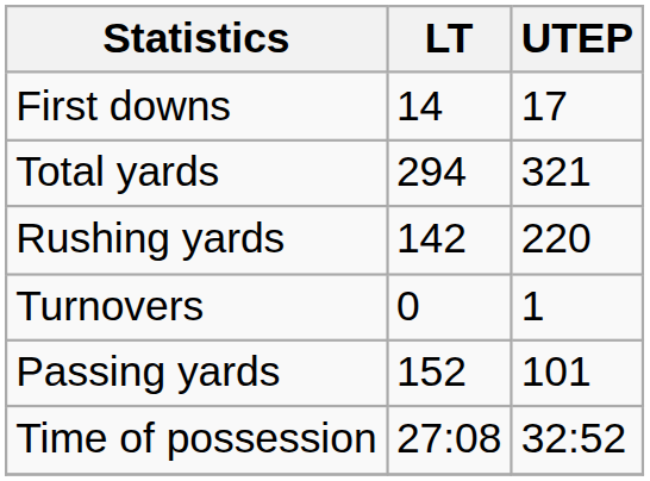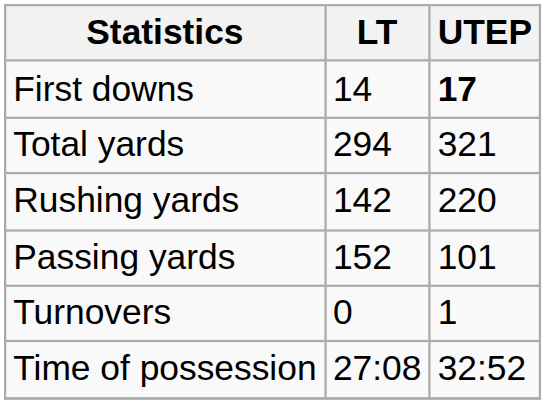 <table class="wikitable">
 <tr>
 <th>Statistics</th>
 <th>LT</th>
 <th>UTEP</th>
 </tr>
 <tr>
 <td>First downs</td>
 <td>14</td>
-<td>17</td>
+<td><strong>17</strong></td>
 </tr>
 <tr>
 <td>Total yards</td>
 <td>294</td>
 <td>321</td>
 </tr>
 <tr>
 <td>Rushing yards</td>
 <td>142</td>
 <td>220</td>
 </tr>
 <tr>
+<td>Passing yards</td>
+<td>152</td>
+<td>101</td>
+</tr>
+<tr>
 <td>Turnovers</td>
 <td>0</td>
 <td>1</td>
-</tr>
-<tr>
-<td>Passing yards</td>
-<td>152</td>
-<td>101</td>
 </tr>
 <tr>
 <td>Time of possession</td>
 <td>27:08</td>
 <td>32:52</td>
 </tr>
 <tr>
 </tr>
 </table>
